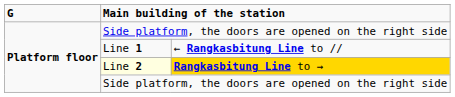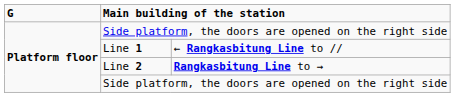 <table class="wikitable">
 <tr>
 <td><strong>G</strong></td>
 <td colspan="2"><strong>Main building of the station</strong></td>
 </tr>
 <tr>
 <td rowspan="4"><strong>Platform floor</strong></td>
 <td colspan="2"><a href='#'>Side platform</a>, the doors are opened on the right side</td>
 </tr>
 <tr>
 <td>Line <strong>1</strong></td>
 <td>←   <strong><a href='#'>Rangkasbitung Line</a></strong> to //</td>
 </tr>
 <tr>
-<td style="background: lightyellow;">Line <strong>2</strong></td>
-<td style="background: gold;"> <strong><a href='#'>Rangkasbitung Line</a></strong> to   →</td>
+<td>Line <strong>2</strong></td>
+<td> <strong><a href='#'>Rangkasbitung Line</a></strong> to   →</td>
 </tr>
 <tr>
 <td colspan="2">Side platform, the doors are opened on the right side</td>
 </tr>
 </table>
